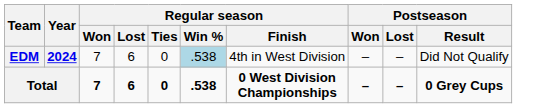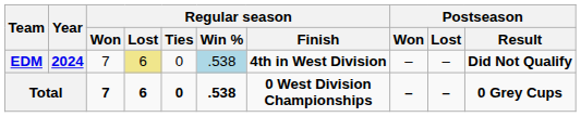 <table class="wikitable" style="font-size: 95%; text-align:center;">
 <tr>
 <th rowspan="2">Team</th>
 <th rowspan="2">Year</th>
 <th colspan="5">Regular season</th>
 <th colspan="4">Postseason</th>
 </tr>
 <tr>
 <th>Won</th>
 <th>Lost</th>
 <th>Ties</th>
 <th>Win %</th>
 <th>Finish</th>
 <th>Won</th>
 <th>Lost</th>
 <th>Result</th>
 </tr>
 <tr>
 <th><a href='#'>EDM</a></th>
 <th><a href='#'>2024</a></th>
 <td>7</td>
-<td>6</td>
+<td style="background: khaki;">6</td>
 <td>0</td>
 <td style="background: lightblue;">.538</td>
-<td>4th in West Division</td>
+<td><strong>4th in West Division</strong></td>
 <td>–</td>
 <td>–</td>
-<td>Did Not Qualify</td>
+<td><strong>Did Not Qualify</strong></td>
 </tr>
 <tr>
 <th colspan="2"><strong>Total</strong></th>
 <td><strong>7</strong></td>
 <td><strong>6</strong></td>
 <td><strong>0</strong></td>
 <td><strong>.538</strong></td>
 <td><strong>0 West Division<br>Championships</strong></td>
 <td><strong>–</strong></td>
 <td><strong>–</strong></td>
 <td><strong>0 Grey Cups</strong></td>
 </tr>
 </table>
